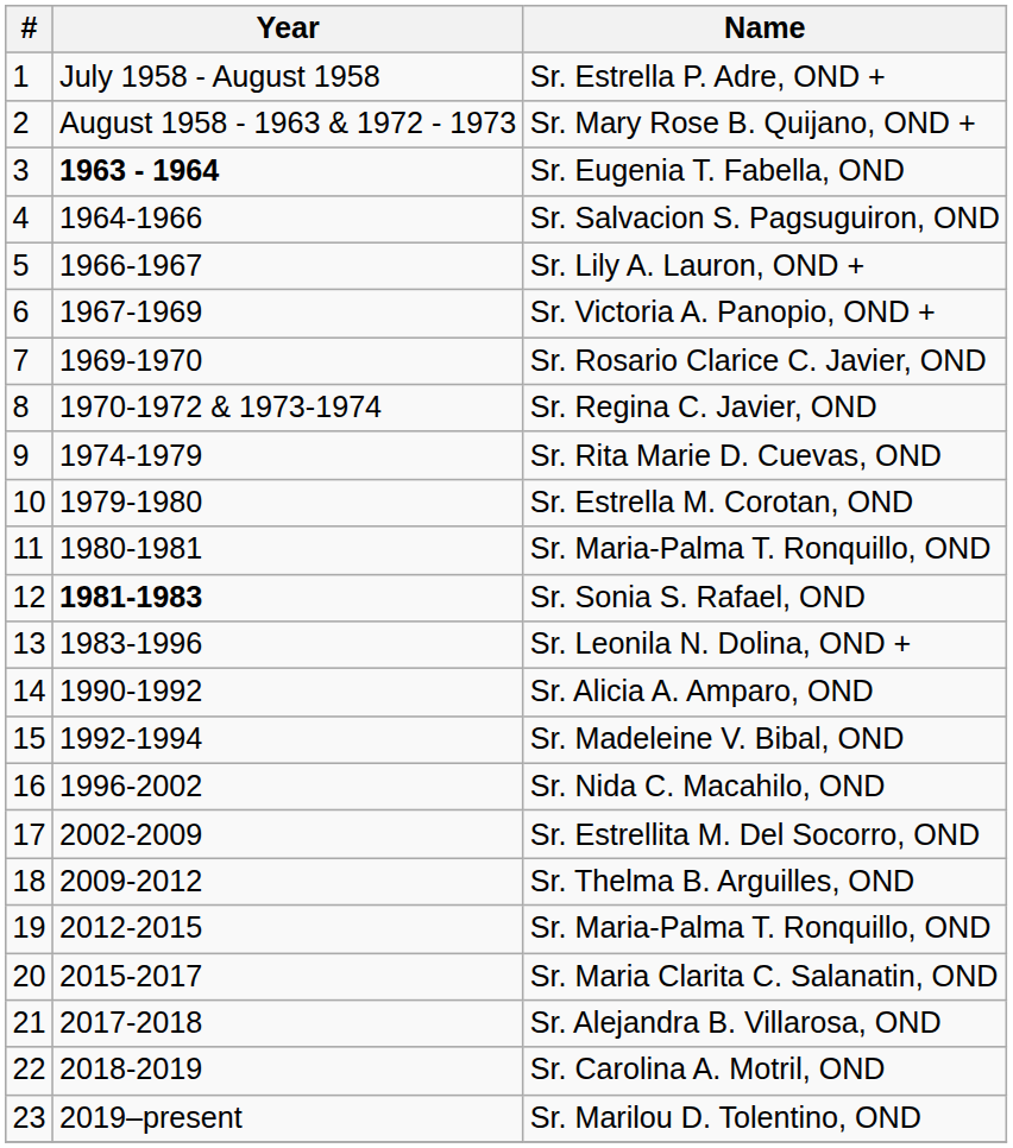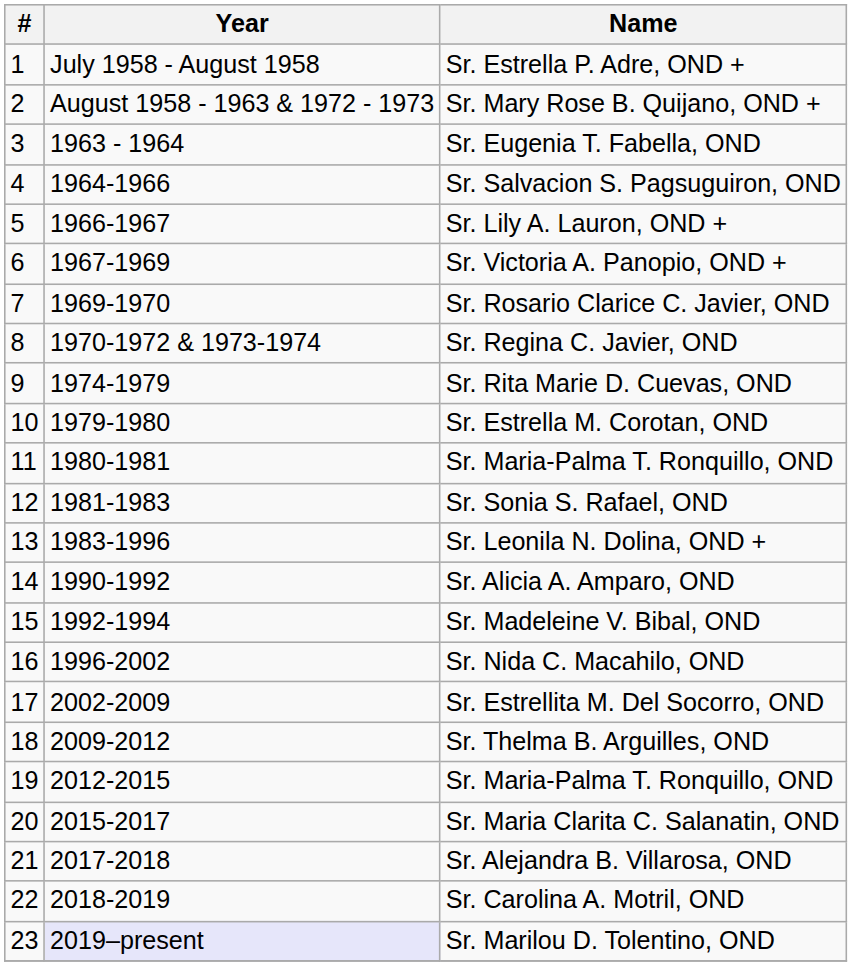 <table class="wikitable">
 <tr>
 <th>#</th>
 <th>Year</th>
 <th>Name</th>
 </tr>
 <tr>
 <td>1</td>
 <td>July 1958 - August 1958</td>
 <td>Sr. Estrella P. Adre, OND +</td>
 </tr>
 <tr>
 <td>2</td>
 <td>August 1958 - 1963 & 1972 - 1973</td>
 <td>Sr. Mary Rose B. Quijano, OND +</td>
 </tr>
 <tr>
 <td>3</td>
-<td><strong>1963 - 1964</strong></td>
+<td>1963 - 1964</td>
 <td>Sr. Eugenia T. Fabella, OND</td>
 </tr>
 <tr>
 <td>4</td>
 <td>1964-1966</td>
 <td>Sr. Salvacion S. Pagsuguiron, OND</td>
 </tr>
 <tr>
 <td>5</td>
 <td>1966-1967</td>
 <td>Sr. Lily A. Lauron, OND +</td>
 </tr>
 <tr>
 <td>6</td>
 <td>1967-1969</td>
 <td>Sr. Victoria A. Panopio, OND +</td>
 </tr>
 <tr>
 <td>7</td>
 <td>1969-1970</td>
 <td>Sr. Rosario Clarice C. Javier, OND</td>
 </tr>
 <tr>
 <td>8</td>
 <td>1970-1972 & 1973-1974</td>
 <td>Sr. Regina C. Javier, OND</td>
 </tr>
 <tr>
 <td>9</td>
 <td>1974-1979</td>
 <td>Sr. Rita Marie D. Cuevas, OND</td>
 </tr>
 <tr>
 <td>10</td>
 <td>1979-1980</td>
 <td>Sr. Estrella M. Corotan, OND</td>
 </tr>
 <tr>
 <td>11</td>
 <td>1980-1981</td>
 <td>Sr. Maria-Palma T. Ronquillo, OND</td>
 </tr>
 <tr>
 <td>12</td>
-<td><strong>1981-1983</strong></td>
+<td>1981-1983</td>
 <td>Sr. Sonia S. Rafael, OND</td>
 </tr>
 <tr>
 <td>13</td>
 <td>1983-1996</td>
 <td>Sr. Leonila N. Dolina, OND +</td>
 </tr>
 <tr>
 <td>14</td>
 <td>1990-1992</td>
 <td>Sr. Alicia A. Amparo, OND</td>
 </tr>
 <tr>
 <td>15</td>
 <td>1992-1994</td>
 <td>Sr. Madeleine V. Bibal, OND</td>
 </tr>
 <tr>
 <td>16</td>
 <td>1996-2002</td>
 <td>Sr. Nida C. Macahilo, OND</td>
 </tr>
 <tr>
 <td>17</td>
 <td>2002-2009</td>
 <td>Sr. Estrellita M. Del Socorro, OND</td>
 </tr>
 <tr>
 <td>18</td>
 <td>2009-2012</td>
 <td>Sr. Thelma B. Arguilles, OND</td>
 </tr>
 <tr>
 <td>19</td>
 <td>2012-2015</td>
 <td>Sr. Maria-Palma T. Ronquillo, OND</td>
 </tr>
 <tr>
 <td>20</td>
 <td>2015-2017</td>
 <td>Sr. Maria Clarita C. Salanatin, OND</td>
 </tr>
 <tr>
 <td>21</td>
 <td>2017-2018</td>
 <td>Sr. Alejandra B. Villarosa, OND</td>
 </tr>
 <tr>
 <td>22</td>
 <td>2018-2019</td>
 <td>Sr. Carolina A. Motril, OND</td>
 </tr>
 <tr>
 <td>23</td>
-<td>2019–present</td>
+<td style="background: lavender;">2019–present</td>
 <td>Sr. Marilou D. Tolentino, OND</td>
 </tr>
 <tr>
 </tr>
 </table>
